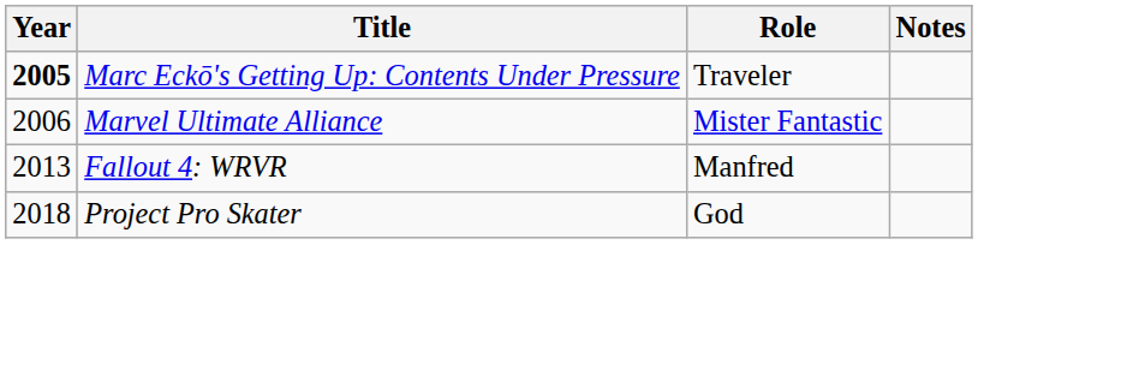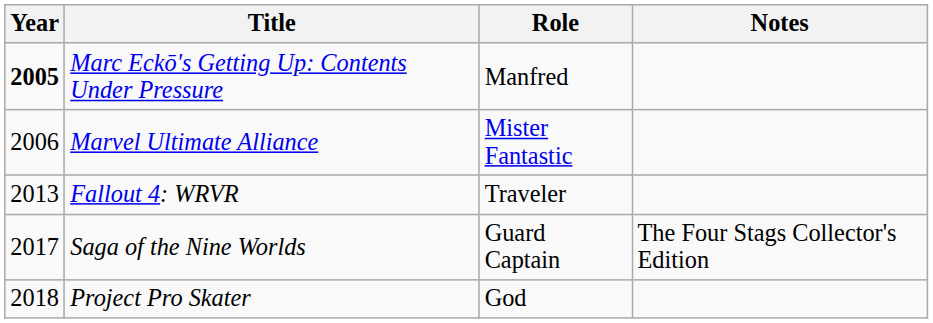 <table class="wikitable">
 <tr>
 <th>Year</th>
 <th>Title</th>
 <th>Role</th>
 <th>Notes</th>
 </tr>
 <tr>
 <td><strong>2005</strong></td>
 <td><em><a href='#'>Marc Eckō's Getting Up: Contents Under Pressure</a></em></td>
-<td>Traveler</td>
+<td>Manfred</td>
 <td></td>
 </tr>
 <tr>
 <td>2006</td>
 <td><em><a href='#'>Marvel Ultimate Alliance</a></em></td>
 <td><a href='#'>Mister Fantastic</a></td>
 <td></td>
 </tr>
 <tr>
 <td>2013</td>
 <td><em><a href='#'>Fallout 4</a>: WRVR</em></td>
-<td>Manfred</td>
+<td>Traveler</td>
 <td></td>
+</tr>
+<tr>
+<td>2017</td>
+<td><em>Saga of the Nine Worlds</em></td>
+<td>Guard Captain</td>
+<td>The Four Stags Collector's Edition</td>
 </tr>
 <tr>
 <td>2018</td>
 <td><em>Project Pro Skater</em></td>
 <td>God</td>
 <td></td>
 </tr>
 </table>
